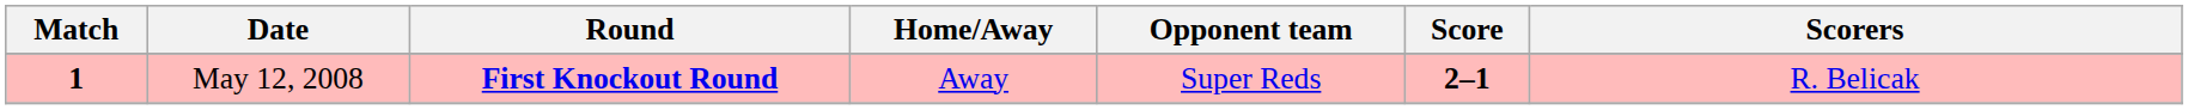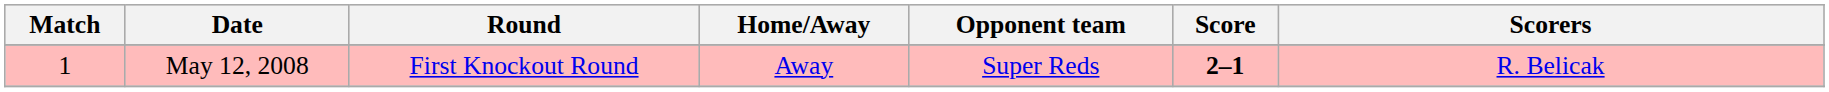 <table class="wikitable" width=90%>
 <tr>
 <th>Match</th>
 <th>Date</th>
 <th>Round</th>
 <th>Home/Away</th>
 <th>Opponent team</th>
 <th>Score</th>
 <th width=30%>Scorers</th>
 </tr>
 <tr>
 </tr>
 <tr bgcolor="#ffbbbb">
-<td style="text-align: center"><strong>1</strong></td>
+<td style="text-align: center">1</td>
 <td style="text-align: center">May 12, 2008</td>
-<td style="text-align: center"><strong><a href='#'>First Knockout Round</a></strong></td>
+<td style="text-align: center"><a href='#'>First Knockout Round</a></td>
 <td style="text-align: center"><a href='#'>Away</a></td>
 <td style="text-align: center"><a href='#'>Super Reds</a></td>
 <td style="text-align: center"><strong>2–1</strong></td>
 <td style="text-align: center"><a href='#'>R. Belicak</a> </td>
 </tr>
 <tr>
 </tr>
 </table>
